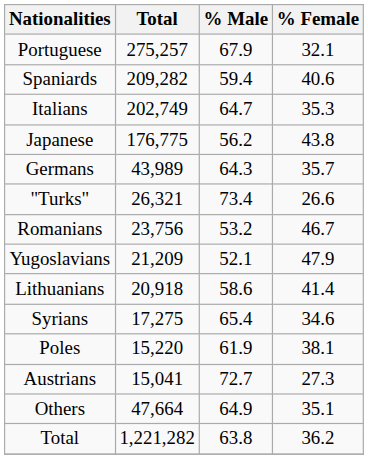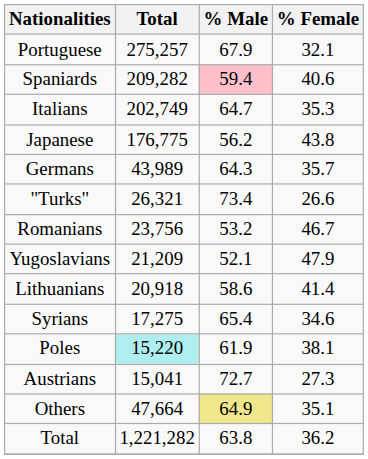 <table class="wikitable" style="text-align:center">
 <tr>
 <th>Nationalities</th>
 <th>Total</th>
 <th>% Male</th>
 <th>% Female</th>
 </tr>
 <tr>
 <td>Portuguese</td>
 <td>275,257</td>
 <td>67.9</td>
 <td>32.1</td>
 </tr>
 <tr>
 <td>Spaniards</td>
 <td>209,282</td>
-<td>59.4</td>
+<td style="background: pink;">59.4</td>
 <td>40.6</td>
 </tr>
 <tr>
 <td>Italians</td>
 <td>202,749</td>
 <td>64.7</td>
 <td>35.3</td>
 </tr>
 <tr>
 <td>Japanese</td>
 <td>176,775</td>
 <td>56.2</td>
 <td>43.8</td>
 </tr>
 <tr>
 <td>Germans</td>
 <td>43,989</td>
 <td>64.3</td>
 <td>35.7</td>
 </tr>
 <tr>
 <td>"Turks"</td>
 <td>26,321</td>
 <td>73.4</td>
 <td>26.6</td>
 </tr>
 <tr>
 <td>Romanians</td>
 <td>23,756</td>
 <td>53.2</td>
 <td>46.7</td>
 </tr>
 <tr>
 <td>Yugoslavians</td>
 <td>21,209</td>
 <td>52.1</td>
 <td>47.9</td>
 </tr>
 <tr>
 <td>Lithuanians</td>
 <td>20,918</td>
 <td>58.6</td>
 <td>41.4</td>
 </tr>
 <tr>
 <td>Syrians</td>
 <td>17,275</td>
 <td>65.4</td>
 <td>34.6</td>
 </tr>
 <tr>
 <td>Poles</td>
-<td>15,220</td>
+<td style="background: paleturquoise;">15,220</td>
 <td>61.9</td>
 <td>38.1</td>
 </tr>
 <tr>
 <td>Austrians</td>
 <td>15,041</td>
 <td>72.7</td>
 <td>27.3</td>
 </tr>
 <tr>
 <td>Others</td>
 <td>47,664</td>
-<td>64.9</td>
+<td style="background: khaki;">64.9</td>
 <td>35.1</td>
 </tr>
 <tr>
 <td>Total</td>
 <td>1,221,282</td>
 <td>63.8</td>
 <td>36.2</td>
 </tr>
 <tr>
 </tr>
 </table>
